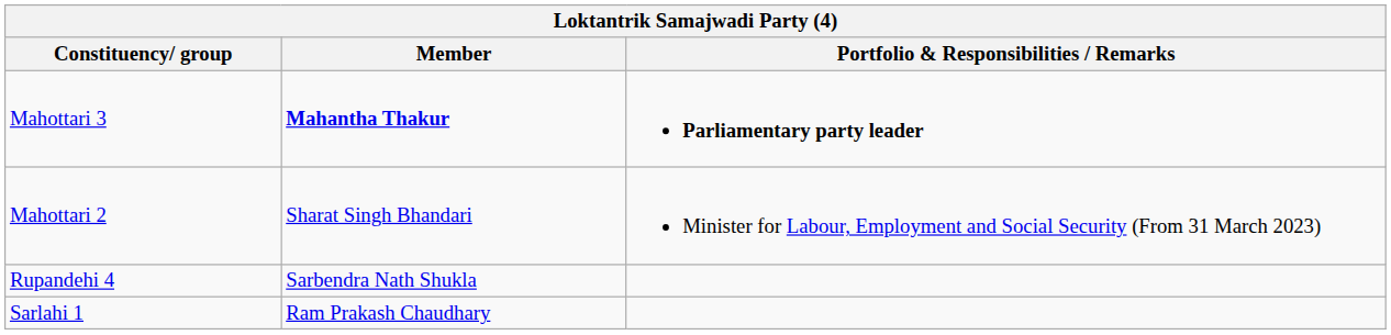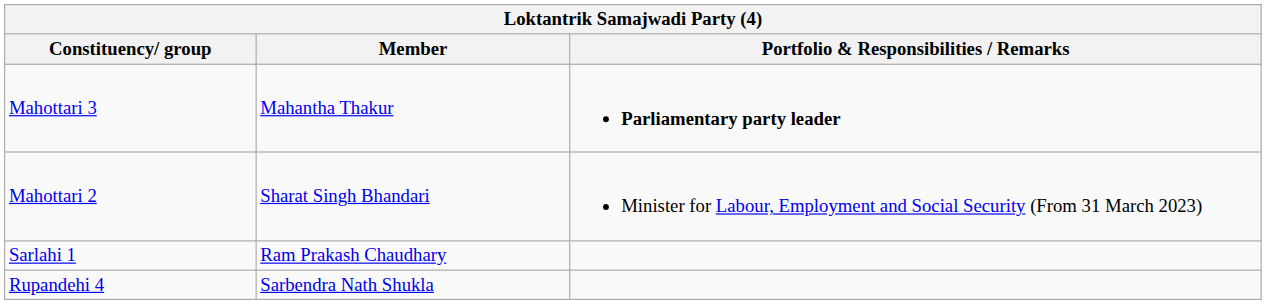 <table class="wikitable sortable">
 <tr>
 <th colspan="3" style="width: 800pt; background:">Loktantrik Samajwadi Party (4)</th>
 </tr>
 <tr>
 <th style="width:20%;">Constituency/ group</th>
 <th style="width:25%;">Member</th>
 <th>Portfolio & Responsibilities / Remarks</th>
 </tr>
 <tr>
 <td><a href='#'>Mahottari 3</a></td>
-<td><strong><a href='#'>Mahantha Thakur</a></strong></td>
+<td><a href='#'>Mahantha Thakur</a></td>
 <td><strong><br><ul><li>Parliamentary party leader</li></ul></strong></td>
 </tr>
 <tr>
 <td><a href='#'>Mahottari 2</a></td>
 <td><a href='#'>Sharat Singh Bhandari</a></td>
 <td><br><ul><li>Minister for <a href='#'>Labour, Employment and Social Security</a> (From 31 March 2023)</li></ul></td>
 </tr>
 <tr>
+<td><a href='#'>Sarlahi 1</a></td>
+<td><a href='#'>Ram Prakash Chaudhary</a></td>
+<td></td>
+</tr>
+<tr>
 <td><a href='#'>Rupandehi 4</a></td>
 <td><a href='#'>Sarbendra Nath Shukla</a></td>
 <td></td>
 </tr>
-<tr>
-<td><a href='#'>Sarlahi 1</a></td>
-<td><a href='#'>Ram Prakash Chaudhary</a></td>
-<td></td>
-</tr>
 </table>
